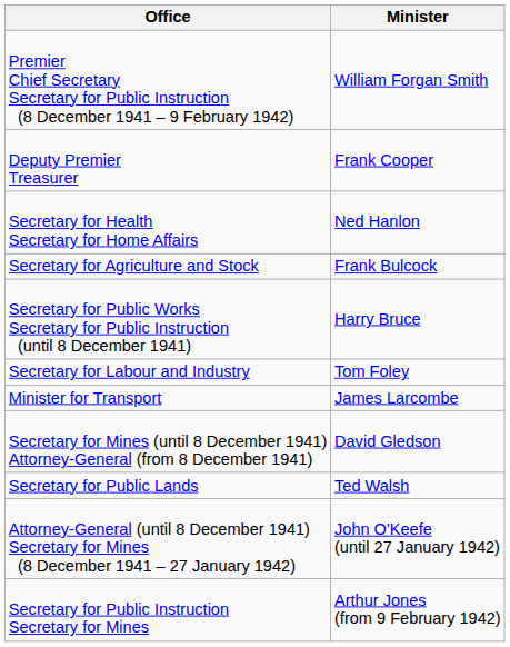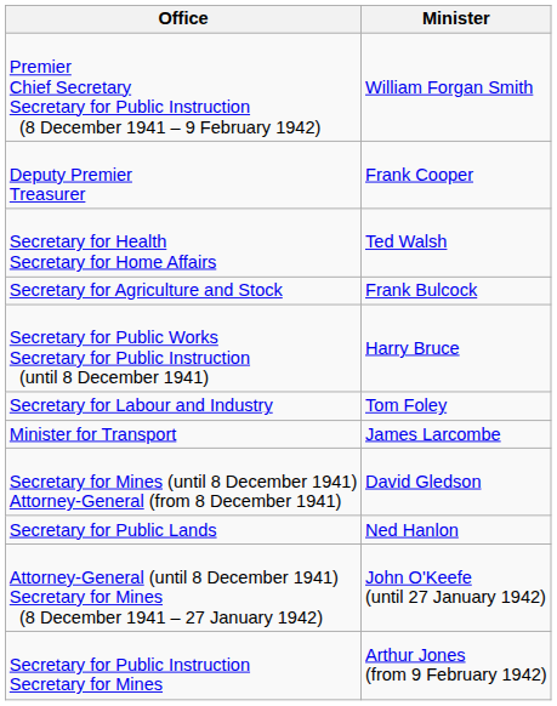 <table class="wikitable">
 <tr>
 <th>Office</th>
 <th>Minister</th>
 </tr>
 <tr>
 <td><br><a href='#'>Premier</a><br> <a href='#'>Chief Secretary</a><br> <a href='#'>Secretary for Public Instruction</a><br>  (8 December 1941 – 9 February 1942)</td>
 <td><a href='#'>William Forgan Smith</a></td>
 </tr>
 <tr>
 <td><br><a href='#'>Deputy Premier</a><br> <a href='#'>Treasurer</a></td>
 <td><a href='#'>Frank Cooper</a></td>
 </tr>
 <tr>
 <td><br><a href='#'>Secretary for Health</a><br> <a href='#'>Secretary for Home Affairs</a></td>
-<td><a href='#'>Ned Hanlon</a></td>
+<td><a href='#'>Ted Walsh</a></td>
 </tr>
 <tr>
 <td><a href='#'>Secretary for Agriculture and Stock</a></td>
 <td><a href='#'>Frank Bulcock</a></td>
 </tr>
 <tr>
 <td><br><a href='#'>Secretary for Public Works</a><br> <a href='#'>Secretary for Public Instruction</a><br>  (until 8 December 1941)<br></td>
 <td><a href='#'>Harry Bruce</a></td>
 </tr>
 <tr>
 <td><a href='#'>Secretary for Labour and Industry</a></td>
 <td><a href='#'>Tom Foley</a></td>
 </tr>
 <tr>
 <td><a href='#'>Minister for Transport</a></td>
 <td><a href='#'>James Larcombe</a></td>
 </tr>
 <tr>
 <td><br><a href='#'>Secretary for Mines</a> (until 8 December 1941)<br> <a href='#'>Attorney-General</a> (from 8 December 1941)</td>
 <td><a href='#'>David Gledson</a></td>
 </tr>
 <tr>
 <td><a href='#'>Secretary for Public Lands</a></td>
-<td><a href='#'>Ted Walsh</a></td>
+<td><a href='#'>Ned Hanlon</a></td>
 </tr>
 <tr>
 <td><br><a href='#'>Attorney-General</a> (until 8 December 1941)<br> <a href='#'>Secretary for Mines</a><br>  (8 December 1941 – 27 January 1942)</td>
 <td><a href='#'>John O'Keefe</a><br>(until 27 January 1942)</td>
 </tr>
 <tr>
 <td><br><a href='#'>Secretary for Public Instruction</a><br> <a href='#'>Secretary for Mines</a></td>
 <td><a href='#'>Arthur Jones</a><br>(from 9 February 1942)</td>
 </tr>
 </table>
